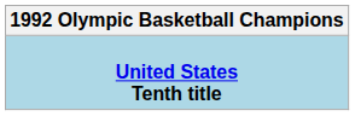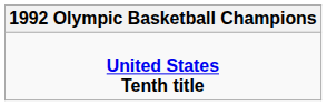 <table class=wikitable style="text-align:center;">
 <tr>
 <th>1992 Olympic Basketball Champions</th>
 </tr>
 <tr>
-<td style="background: lightblue;"> <br> <strong><a href='#'>United States</a></strong> <br> <strong>Tenth title</strong></td>
+<td> <br> <strong><a href='#'>United States</a></strong> <br> <strong>Tenth title</strong></td>
 </tr>
 </table>
